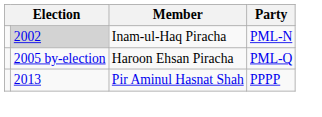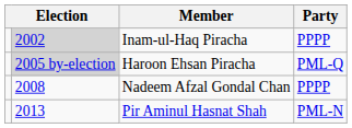 <table class="wikitable">
 <tr>
 <th colspan="2">Election</th>
 <th>Member</th>
 <th>Party</th>
 </tr>
 <tr>
 <td style="background-color: "></td>
 <td style="background: lightgrey;"><a href='#'>2002</a></td>
 <td>Inam-ul-Haq Piracha</td>
-<td><a href='#'>PML-N</a></td>
+<td><a href='#'>PPPP</a></td>
 </tr>
 <tr>
 <td style="background-color: "></td>
-<td><a href='#'>2005 by-election</a></td>
+<td style="background: lightgrey;"><a href='#'>2005 by-election</a></td>
 <td>Haroon Ehsan Piracha</td>
 <td><a href='#'>PML-Q</a></td>
 </tr>
 <tr>
 <td style="background-color: "></td>
+<td><a href='#'>2008</a></td>
+<td>Nadeem Afzal Gondal Chan</td>
+<td><a href='#'>PPPP</a></td>
+</tr>
+<tr>
+<td style="background-color: "></td>
 <td><a href='#'>2013</a></td>
 <td><a href='#'>Pir Aminul Hasnat Shah</a></td>
-<td><a href='#'>PPPP</a></td>
+<td><a href='#'>PML-N</a></td>
 </tr>
 </table>
